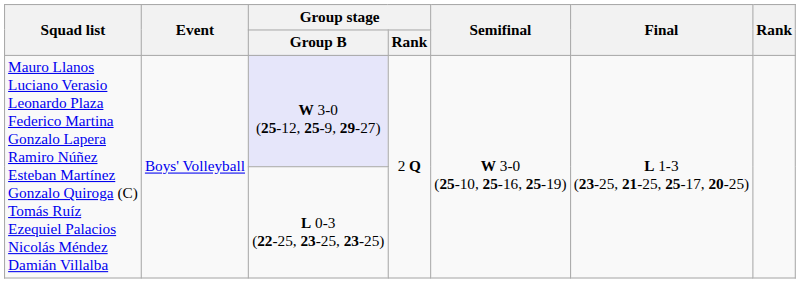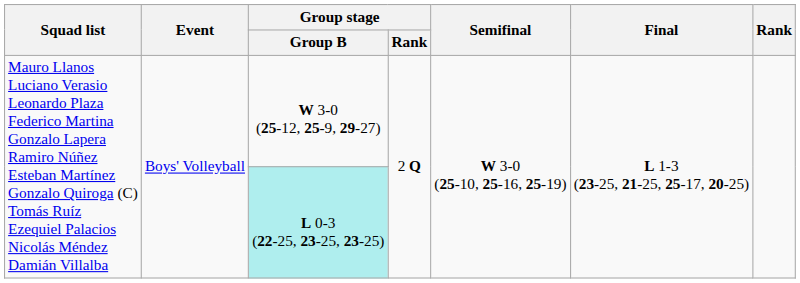 <table class=wikitable style="font-size:90%">
 <tr>
 <th rowspan=2>Squad list</th>
 <th rowspan=2>Event</th>
 <th colspan=2>Group stage</th>
 <th rowspan=2>Semifinal</th>
 <th rowspan=2>Final</th>
 <th rowspan=2>Rank</th>
 </tr>
 <tr>
 <th>Group B</th>
 <th>Rank</th>
 </tr>
 <tr>
 <td rowspan=2><a href='#'>Mauro Llanos</a><br><a href='#'>Luciano Verasio</a><br><a href='#'>Leonardo Plaza</a><br><a href='#'>Federico Martina</a><br><a href='#'>Gonzalo Lapera</a><br><a href='#'>Ramiro Núñez</a><br><a href='#'>Esteban Martínez</a><br><a href='#'>Gonzalo Quiroga</a> (C)<br><a href='#'>Tomás Ruíz</a><br><a href='#'>Ezequiel Palacios</a><br><a href='#'>Nicolás Méndez</a><br><a href='#'>Damián Villalba</a></td>
 <td rowspan=2><a href='#'>Boys' Volleyball</a></td>
-<td align=center style="background: lavender;"><br> <strong>W</strong> 3-0<br> (<strong>25</strong>-12, <strong>25</strong>-9, <strong>29</strong>-27)</td>
+<td align=center><br> <strong>W</strong> 3-0<br> (<strong>25</strong>-12, <strong>25</strong>-9, <strong>29</strong>-27)</td>
 <td rowspan=2 align=center>2 <strong>Q</strong></td>
 <td rowspan=2 align=center><br> <strong>W</strong> 3-0<br> (<strong>25</strong>-10, <strong>25</strong>-16, <strong>25</strong>-19)</td>
 <td rowspan=2 align=center><br> <strong>L</strong> 1-3<br> (<strong>23</strong>-25, <strong>21</strong>-25, <strong>25</strong>-17, <strong>20</strong>-25)</td>
 <td rowspan=2 align=center></td>
 </tr>
 <tr>
-<td align=center><br> <strong>L</strong> 0-3<br> (<strong>22</strong>-25, <strong>23</strong>-25, <strong>23</strong>-25)</td>
+<td align=center style="background: paleturquoise;"><br> <strong>L</strong> 0-3<br> (<strong>22</strong>-25, <strong>23</strong>-25, <strong>23</strong>-25)</td>
 </tr>
 </table>
